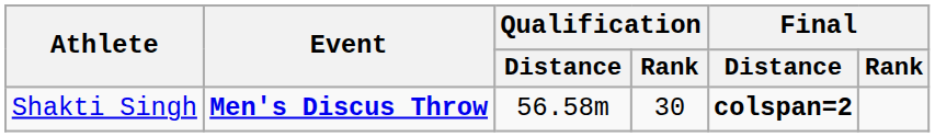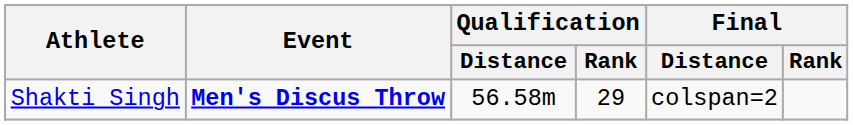 <table class=wikitable style="font-size:90%">
 <tr>
 <th rowspan="2">Athlete</th>
 <th rowspan="2">Event</th>
 <th colspan="2">Qualification</th>
 <th colspan="2">Final</th>
 </tr>
 <tr style="font-size:95%">
 <th>Distance</th>
 <th>Rank</th>
 <th>Distance</th>
 <th>Rank</th>
 </tr>
 <tr align=center>
 <td align=left><a href='#'>Shakti Singh</a></td>
 <td align=left><strong><a href='#'>Men's Discus Throw</a></strong></td>
 <td>56.58m</td>
-<td>30</td>
-<td><strong>colspan=2 </strong></td>
+<td>29</td>
+<td>colspan=2 </td>
 </tr>
 </table>
